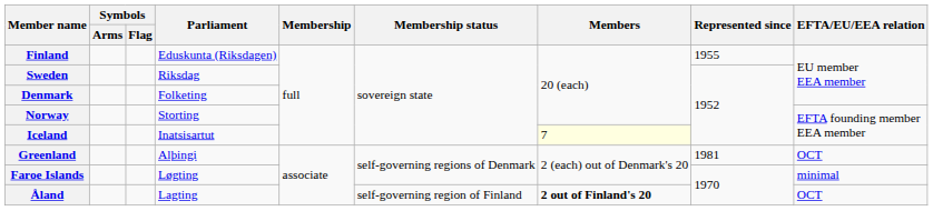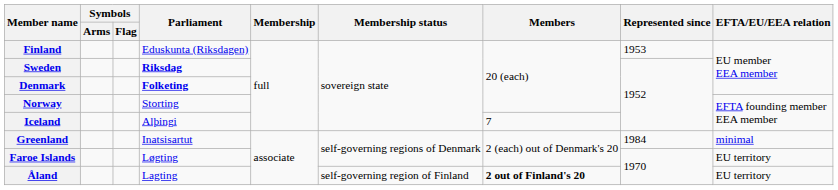 <table class=wikitable>
 <tr>
 <th rowspan=2>Member name</th>
 <th colspan=2>Symbols</th>
 <th rowspan=2>Parliament</th>
 <th rowspan=2>Member­ship</th>
 <th rowspan=2>Member­ship status</th>
 <th rowspan=2>Members</th>
 <th rowspan=2>Repre­sented since</th>
 <th rowspan=2>EFTA/EU/EEA relation</th>
 </tr>
 <tr>
 <th>Arms</th>
 <th>Flag</th>
 </tr>
 <tr>
 <th><a href='#'>Finland</a></th>
 <td style=text-align:center></td>
 <td style=text-align:center></td>
 <td><a href='#'>Eduskunta (Riksdagen)</a></td>
 <td rowspan=5>full</td>
 <td rowspan=5>sovereign state</td>
 <td rowspan=4>20 (each)</td>
-<td>1955</td>
+<td>1953</td>
 <td rowspan=3> EU member<br><a href='#'>EEA member</a></td>
 </tr>
 <tr>
 <th><a href='#'>Sweden</a></th>
 <td style=text-align:center></td>
 <td style=text-align:center></td>
-<td><a href='#'>Riksdag</a></td>
+<td><strong><a href='#'>Riksdag</a></strong></td>
 <td rowspan=4>1952</td>
 </tr>
 <tr>
 <th><a href='#'>Denmark</a></th>
 <td style=text-align:center></td>
 <td style=text-align:center></td>
-<td><a href='#'>Folketing</a></td>
+<td><strong><a href='#'>Folketing</a></strong></td>
 </tr>
 <tr>
 <th><a href='#'>Norway</a></th>
 <td style="text-align:center"></td>
 <td style="text-align:center"></td>
 <td><a href='#'>Storting</a></td>
 <td rowspan=2> <a href='#'>EFTA</a> founding member<br>EEA member</td>
 </tr>
 <tr>
 <th><a href='#'>Iceland</a></th>
 <td style=text-align:center></td>
 <td style=text-align:center></td>
-<td><a href='#'>Inatsisartut</a></td>
-<td style="background: lightyellow;">7</td>
+<td><a href='#'>Alþingi</a></td>
+<td>7</td>
 </tr>
 <tr>
 <th><a href='#'>Greenland</a></th>
 <td style=text-align:center></td>
 <td style=text-align:center></td>
-<td><a href='#'>Alþingi</a></td>
+<td><a href='#'>Inatsisartut</a></td>
 <td rowspan=3>associate</td>
 <td rowspan=2>self-governing regions of Denmark</td>
 <td rowspan=2>2 (each) out of Denmark's 20</td>
-<td>1981</td>
-<td><a href='#'>OCT</a></td>
+<td>1984</td>
+<td><a href='#'>minimal</a></td>
 </tr>
 <tr>
 <th><a href='#'>Faroe Islands</a></th>
 <td style=text-align:center></td>
 <td style=text-align:center></td>
 <td><a href='#'>Løgting</a></td>
 <td rowspan=2>1970</td>
-<td><a href='#'>minimal</a></td>
+<td> EU territory</td>
 </tr>
 <tr>
 <th><a href='#'>Åland</a></th>
 <td style=text-align:center></td>
 <td style=text-align:center></td>
 <td><a href='#'>Lagting</a></td>
 <td>self-governing region of Finland</td>
 <td><strong>2 out of Finland's 20</strong></td>
-<td><a href='#'>OCT</a></td>
+<td> EU territory</td>
 </tr>
 </table>
